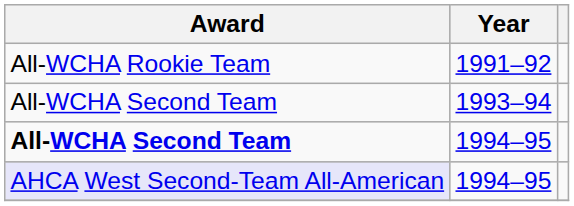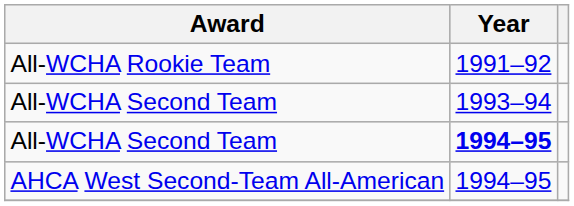 <table class="wikitable">
 <tr>
 <th>Award</th>
 <th>Year</th>
 <th></th>
 </tr>
 <tr>
 <td>All-<a href='#'>WCHA</a> <a href='#'>Rookie Team</a></td>
 <td><a href='#'>1991–92</a></td>
 <td></td>
 </tr>
 <tr>
 <td>All-<a href='#'>WCHA</a> <a href='#'>Second Team</a></td>
 <td><a href='#'>1993–94</a></td>
 <td></td>
 </tr>
 <tr>
-<td><strong>All-<a href='#'>WCHA</a> <a href='#'>Second Team</a></strong></td>
-<td><a href='#'>1994–95</a></td>
+<td>All-<a href='#'>WCHA</a> <a href='#'>Second Team</a></td>
+<td><strong><a href='#'>1994–95</a></strong></td>
 <td></td>
 </tr>
 <tr>
-<td style="background: lavender;"><a href='#'>AHCA</a> <a href='#'>West Second-Team All-American</a></td>
+<td><a href='#'>AHCA</a> <a href='#'>West Second-Team All-American</a></td>
 <td><a href='#'>1994–95</a></td>
 <td></td>
 </tr>
 <tr>
 </tr>
 </table>
